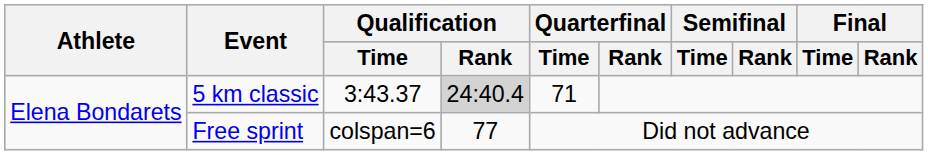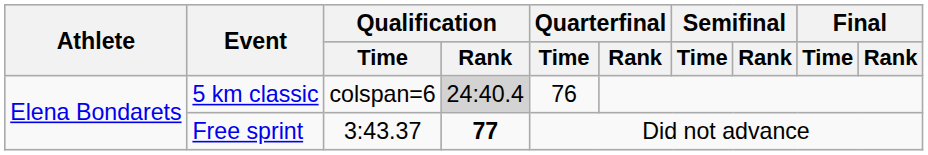 <table class="wikitable" style="font-size:90%">
 <tr>
 <th rowspan="2">Athlete</th>
 <th rowspan="2">Event</th>
 <th colspan="2">Qualification</th>
 <th colspan="2">Quarterfinal</th>
 <th colspan="2">Semifinal</th>
 <th colspan="2">Final</th>
 </tr>
 <tr style="font-size:95%">
 <th>Time</th>
 <th>Rank</th>
 <th>Time</th>
 <th>Rank</th>
 <th>Time</th>
 <th>Rank</th>
 <th>Time</th>
 <th>Rank</th>
 </tr>
 <tr align=center>
 <td align=left rowspan=2><a href='#'>Elena Bondarets</a></td>
 <td align=left><a href='#'>5 km classic</a></td>
-<td>3:43.37</td>
+<td>colspan=6 </td>
 <td style="background: lightgrey;">24:40.4</td>
-<td>71</td>
+<td>76</td>
 </tr>
 <tr align=center>
 <td align=left><a href='#'>Free sprint</a></td>
-<td>colspan=6 </td>
-<td>77</td>
+<td>3:43.37</td>
+<td><strong>77</strong></td>
 <td colspan="6">Did not advance</td>
 </tr>
 </table>
